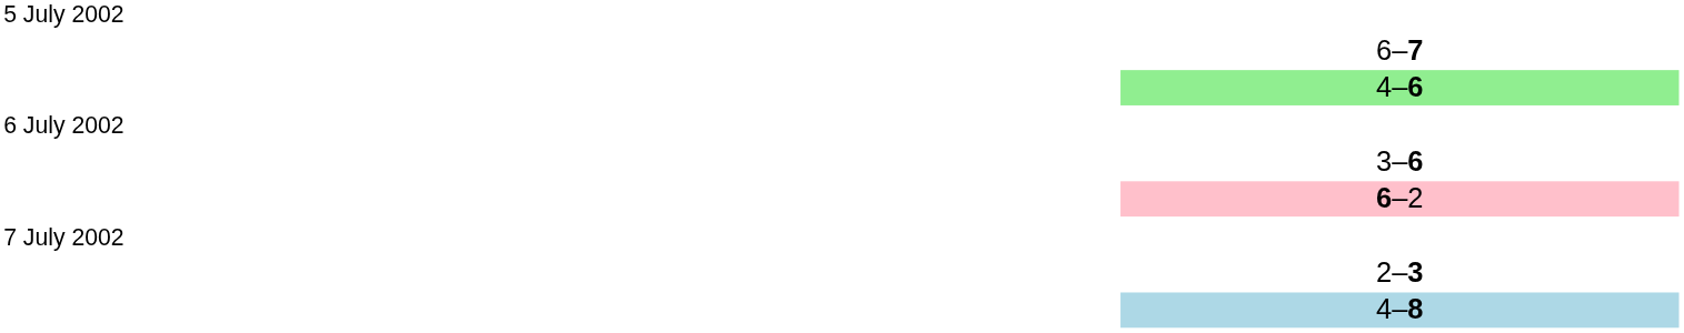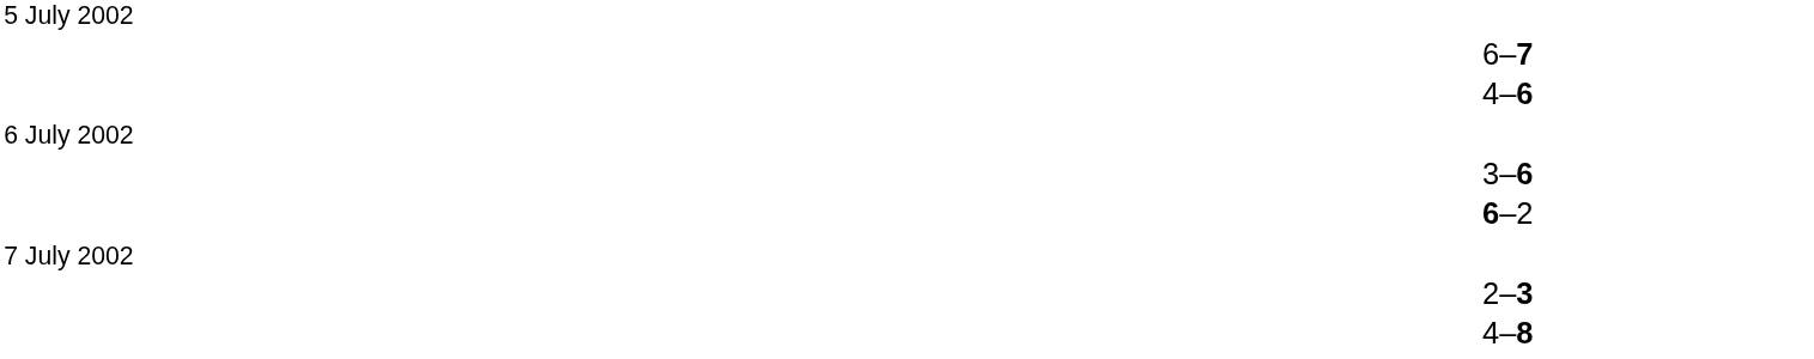 <table width=100% cellspacing=1>
 <tr>
 <th width=40%></th>
 <th width=20%></th>
 <th></th>
 </tr>
 <tr>
 <td><small>5 July 2002</small></td>
 </tr>
 <tr>
 <td align=right></td>
 <td align=center>6–<strong>7</strong></td>
 <td><strong></strong></td>
 </tr>
 <tr>
 <td align=right></td>
-<td align=center style="background: lightgreen;">4–<strong>6</strong></td>
+<td align=center>4–<strong>6</strong></td>
 <td><strong></strong></td>
 </tr>
 <tr>
 <td><small>6 July 2002</small></td>
 </tr>
 <tr>
 <td align=right></td>
 <td align=center>3–<strong>6</strong></td>
 <td><strong></strong></td>
 </tr>
 <tr>
 <td align=right><strong></strong></td>
-<td align=center style="background: pink;"><strong>6</strong>–2</td>
+<td align=center><strong>6</strong>–2</td>
 <td></td>
 </tr>
 <tr>
 <td><small>7 July 2002</small></td>
 </tr>
 <tr>
 <td align=right></td>
 <td align=center>2–<strong>3</strong></td>
 <td><strong></strong></td>
 </tr>
 <tr>
 <td align=right></td>
-<td align=center style="background: lightblue;">4–<strong>8</strong></td>
+<td align=center>4–<strong>8</strong></td>
 <td><strong></strong></td>
 </tr>
 </table>
